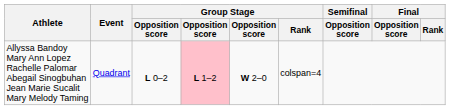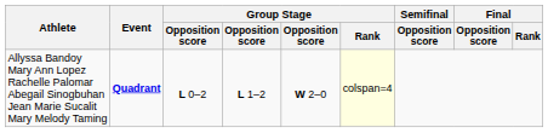 <table class=wikitable style="font-size:90%; text-align:center">
 <tr>
 <th rowspan=2>Athlete</th>
 <th rowspan=2>Event</th>
 <th colspan=4>Group Stage</th>
 <th>Semifinal</th>
 <th colspan=2>Final</th>
 </tr>
 <tr style="font-size:95%">
 <th>Opposition<br>score</th>
 <th>Opposition<br>score</th>
 <th>Opposition<br>score</th>
 <th>Rank</th>
 <th>Opposition<br>score</th>
 <th>Opposition<br>score</th>
 <th>Rank</th>
 </tr>
 <tr>
 <td align=left>Allyssa Bandoy<br>Mary Ann Lopez<br>Rachelle Palomar<br>Abegail Sinogbuhan<br>Jean Marie Sucalit<br>Mary Melody Taming</td>
-<td align=left><a href='#'>Quadrant</a></td>
+<td align=left><strong><a href='#'>Quadrant</a></strong></td>
 <td><br><strong>L</strong> 0–2</td>
-<td style="background: pink;"><br><strong>L</strong> 1–2</td>
+<td><br><strong>L</strong> 1–2</td>
 <td><br><strong>W</strong> 2–0</td>
-<td>colspan=4 </td>
+<td style="background: lightyellow;">colspan=4 </td>
 </tr>
 </table>
